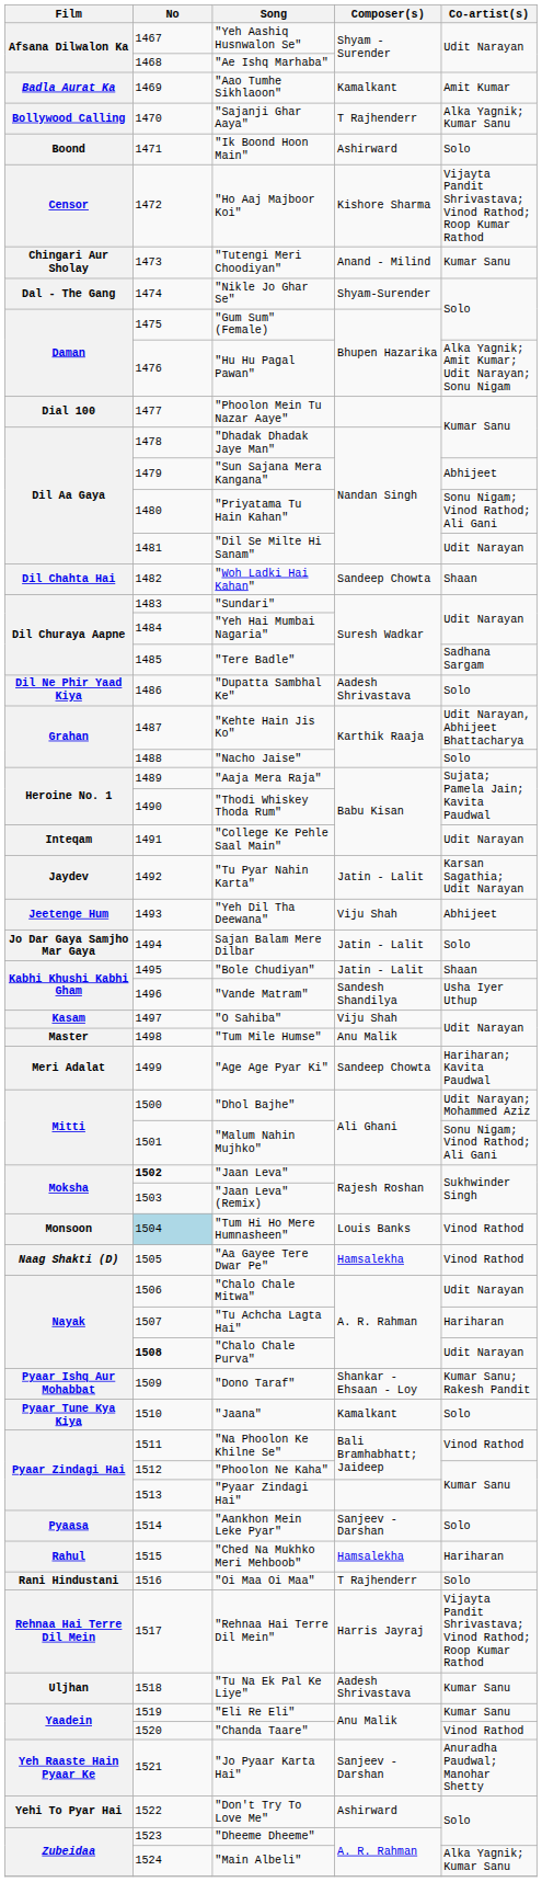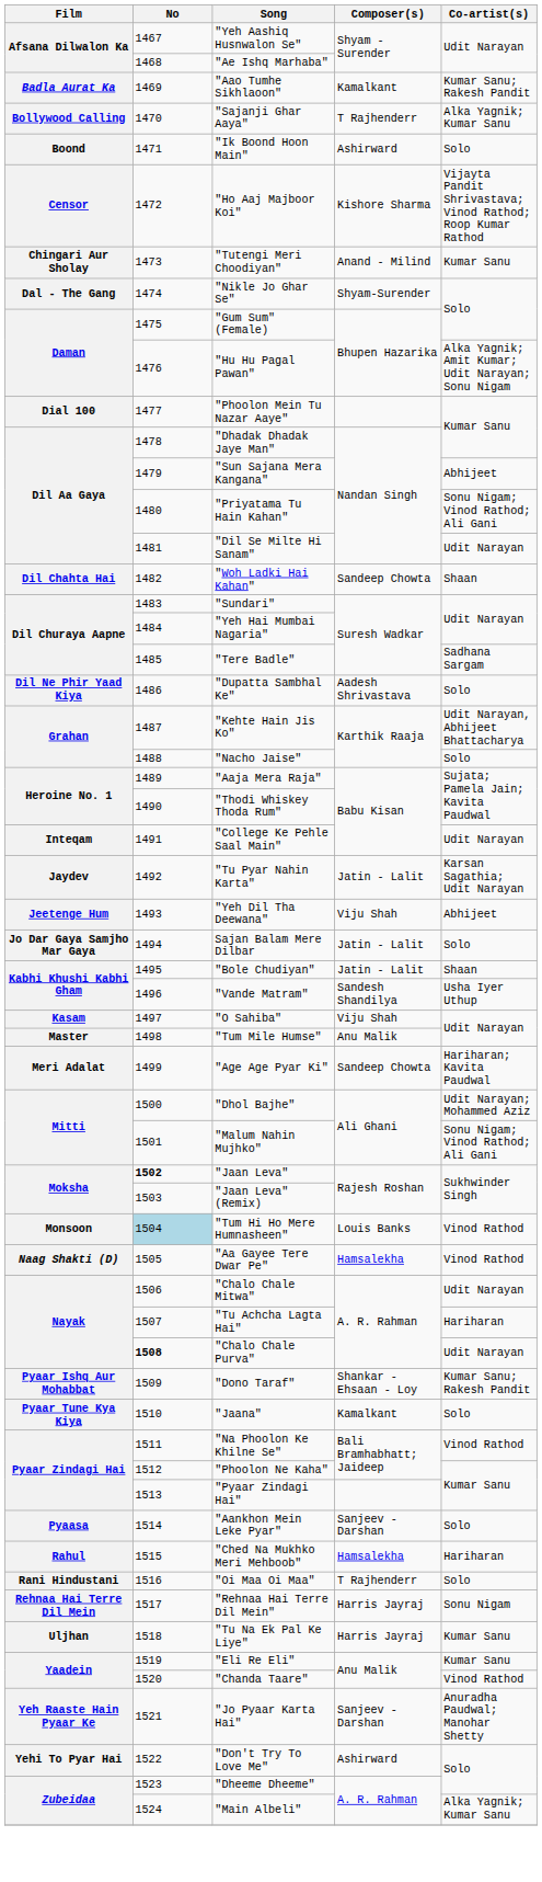 <table class="wikitable plainrowheaders" style="width:100%; textcolor:#000">
 <tr>
 <th scope="col" style="width:24%;">Film</th>
 <th>No</th>
 <th scope="col" style="width:23%;">Song</th>
 <th scope="col" style="width:20%;">Composer(s)</th>
 <th scope="col" style="width:18%;">Co-artist(s)</th>
 </tr>
 <tr>
 <th rowspan="2">Afsana Dilwalon Ka</th>
 <td>1467</td>
 <td>"Yeh Aashiq Husnwalon Se"</td>
 <td rowspan="2">Shyam - Surender</td>
 <td rowspan="2">Udit Narayan</td>
 </tr>
 <tr>
 <td>1468</td>
 <td>"Ae Ishq Marhaba"</td>
 </tr>
 <tr>
 <th><em><a href='#'>Badla Aurat Ka</a></em></th>
 <td>1469</td>
 <td>"Aao Tumhe Sikhlaoon"</td>
 <td>Kamalkant</td>
-<td>Amit Kumar</td>
+<td>Kumar Sanu;  Rakesh Pandit</td>
 </tr>
 <tr>
 <th><a href='#'>Bollywood Calling</a></th>
 <td>1470</td>
 <td>"Sajanji Ghar Aaya"</td>
 <td>T Rajhenderr</td>
 <td>Alka Yagnik; Kumar Sanu</td>
 </tr>
 <tr>
 <th>Boond</th>
 <td>1471</td>
 <td>"Ik Boond Hoon Main"</td>
 <td>Ashirward</td>
 <td>Solo</td>
 </tr>
 <tr>
 <th><a href='#'>Censor</a></th>
 <td>1472</td>
 <td>"Ho Aaj Majboor Koi"</td>
 <td>Kishore Sharma</td>
 <td>Vijayta Pandit Shrivastava; Vinod Rathod; Roop Kumar Rathod</td>
 </tr>
 <tr>
 <th>Chingari Aur Sholay</th>
 <td>1473</td>
 <td>"Tutengi Meri Choodiyan"</td>
 <td>Anand - Milind</td>
 <td>Kumar Sanu</td>
 </tr>
 <tr>
 <th>Dal - The Gang</th>
 <td>1474</td>
 <td>"Nikle Jo Ghar Se"</td>
 <td>Shyam-Surender</td>
 <td rowspan=2>Solo</td>
 </tr>
 <tr>
 <th rowspan=2><a href='#'>Daman</a></th>
 <td>1475</td>
 <td>"Gum Sum" (Female)</td>
 <td rowspan=2>Bhupen Hazarika</td>
 </tr>
 <tr>
 <td>1476</td>
 <td>"Hu Hu Pagal Pawan"</td>
 <td>Alka Yagnik; Amit Kumar; Udit Narayan; Sonu Nigam</td>
 </tr>
 <tr>
 <th>Dial 100</th>
 <td>1477</td>
 <td>"Phoolon Mein Tu Nazar Aaye"</td>
 <td></td>
 <td rowspan=2>Kumar Sanu</td>
 </tr>
 <tr>
 <th rowspan=4>Dil Aa Gaya</th>
 <td>1478</td>
 <td>"Dhadak Dhadak Jaye Man"</td>
 <td rowspan=4>Nandan Singh</td>
 </tr>
 <tr>
 <td>1479</td>
 <td>"Sun Sajana Mera Kangana"</td>
 <td>Abhijeet</td>
 </tr>
 <tr>
 <td>1480</td>
 <td>"Priyatama Tu Hain Kahan"</td>
 <td>Sonu Nigam; Vinod Rathod; Ali Gani</td>
 </tr>
 <tr>
 <td>1481</td>
 <td>"Dil Se Milte Hi Sanam"</td>
 <td>Udit Narayan</td>
 </tr>
 <tr>
 <th><a href='#'>Dil Chahta Hai</a></th>
 <td>1482</td>
 <td>"<a href='#'>Woh Ladki Hai Kahan</a>"</td>
 <td>Sandeep Chowta</td>
 <td>Shaan</td>
 </tr>
 <tr>
 <th rowspan=3>Dil Churaya Aapne</th>
 <td>1483</td>
 <td>"Sundari"</td>
 <td rowspan=3>Suresh Wadkar</td>
 <td rowspan=2>Udit Narayan</td>
 </tr>
 <tr>
 <td>1484</td>
 <td>"Yeh Hai Mumbai Nagaria"</td>
 </tr>
 <tr>
 <td>1485</td>
 <td>"Tere Badle"</td>
 <td>Sadhana Sargam</td>
 </tr>
 <tr>
 <th><a href='#'>Dil Ne Phir Yaad Kiya</a></th>
 <td>1486</td>
 <td>"Dupatta Sambhal Ke"</td>
 <td>Aadesh Shrivastava</td>
 <td>Solo</td>
 </tr>
 <tr>
 <th rowspan=2><a href='#'>Grahan</a></th>
 <td>1487</td>
 <td>"Kehte Hain Jis Ko"</td>
 <td rowspan=2>Karthik Raaja</td>
 <td>Udit Narayan, Abhijeet Bhattacharya</td>
 </tr>
 <tr>
 <td>1488</td>
 <td>"Nacho Jaise"</td>
 <td>Solo</td>
 </tr>
 <tr>
 <th rowspan=2>Heroine No. 1</th>
 <td>1489</td>
 <td>"Aaja Mera Raja"</td>
 <td rowspan=3>Babu Kisan</td>
 <td rowspan=2>Sujata; Pamela Jain; Kavita Paudwal</td>
 </tr>
 <tr>
 <td>1490</td>
 <td>"Thodi Whiskey Thoda Rum"</td>
 </tr>
 <tr>
 <th>Inteqam</th>
 <td>1491</td>
 <td>"College Ke Pehle Saal Main"</td>
 <td>Udit Narayan</td>
 </tr>
 <tr>
 <th>Jaydev</th>
 <td>1492</td>
 <td>"Tu Pyar Nahin Karta"</td>
 <td>Jatin - Lalit</td>
 <td>Karsan Sagathia; Udit Narayan</td>
 </tr>
 <tr>
 <th><a href='#'>Jeetenge Hum</a></th>
 <td>1493</td>
 <td>"Yeh Dil Tha Deewana"</td>
 <td>Viju Shah</td>
 <td>Abhijeet</td>
 </tr>
 <tr>
 <th>Jo Dar Gaya Samjho Mar Gaya</th>
 <td>1494</td>
 <td>Sajan Balam Mere Dilbar</td>
 <td>Jatin - Lalit</td>
 <td>Solo</td>
 </tr>
 <tr>
 <th rowspan=2><a href='#'>Kabhi Khushi Kabhi Gham</a></th>
 <td>1495</td>
 <td>"Bole Chudiyan"</td>
 <td>Jatin - Lalit</td>
 <td>Shaan</td>
 </tr>
 <tr>
 <td>1496</td>
 <td>"Vande Matram"</td>
 <td>Sandesh Shandilya</td>
 <td>Usha Iyer Uthup</td>
 </tr>
 <tr>
 <th><a href='#'>Kasam</a></th>
 <td>1497</td>
 <td>"O Sahiba"</td>
 <td>Viju Shah</td>
 <td rowspan=2>Udit Narayan</td>
 </tr>
 <tr>
 <th>Master</th>
 <td>1498</td>
 <td>"Tum Mile Humse"</td>
 <td>Anu Malik</td>
 </tr>
 <tr>
 <th>Meri Adalat</th>
 <td>1499</td>
 <td>"Age Age Pyar Ki"</td>
 <td>Sandeep Chowta</td>
 <td>Hariharan; Kavita Paudwal</td>
 </tr>
 <tr>
 <th rowspan=2><a href='#'>Mitti</a></th>
 <td>1500</td>
 <td>"Dhol Bajhe"</td>
 <td rowspan=2>Ali Ghani</td>
 <td>Udit Narayan; Mohammed Aziz</td>
 </tr>
 <tr>
 <td>1501</td>
 <td>"Malum Nahin Mujhko"</td>
 <td>Sonu Nigam; Vinod Rathod; Ali Gani</td>
 </tr>
 <tr>
 <th rowspan=2><a href='#'>Moksha</a></th>
 <td><strong>1502</strong></td>
 <td>"Jaan Leva"</td>
 <td rowspan=2>Rajesh Roshan</td>
 <td rowspan=2>Sukhwinder Singh</td>
 </tr>
 <tr>
 <td>1503</td>
 <td>"Jaan Leva" (Remix)</td>
 </tr>
 <tr>
 <th>Monsoon</th>
 <td style="background: lightblue;">1504</td>
 <td>"Tum Hi Ho Mere Humnasheen"</td>
 <td>Louis Banks</td>
 <td>Vinod Rathod</td>
 </tr>
 <tr>
 <th><em>Naag Shakti (D)</em></th>
 <td>1505</td>
 <td>"Aa Gayee Tere Dwar Pe"</td>
 <td><a href='#'>Hamsalekha</a></td>
 <td>Vinod Rathod</td>
 </tr>
 <tr>
 <th rowspan=3><a href='#'>Nayak</a></th>
 <td>1506</td>
 <td>"Chalo Chale Mitwa"</td>
 <td rowspan=3>A. R. Rahman</td>
 <td>Udit Narayan</td>
 </tr>
 <tr>
 <td>1507</td>
 <td>"Tu Achcha Lagta Hai"</td>
 <td>Hariharan</td>
 </tr>
 <tr>
 <td><strong>1508</strong></td>
 <td>"Chalo Chale Purva"</td>
 <td>Udit Narayan</td>
 </tr>
 <tr>
 <th><a href='#'>Pyaar Ishq Aur Mohabbat</a></th>
 <td>1509</td>
 <td>"Dono Taraf"</td>
 <td>Shankar - Ehsaan - Loy</td>
 <td>Kumar Sanu;  Rakesh Pandit</td>
 </tr>
 <tr>
 <th><a href='#'>Pyaar Tune Kya Kiya</a></th>
 <td>1510</td>
 <td>"Jaana"</td>
 <td>Kamalkant</td>
 <td>Solo</td>
 </tr>
 <tr>
 <th rowspan=3><a href='#'>Pyaar Zindagi Hai</a></th>
 <td>1511</td>
 <td>"Na Phoolon Ke Khilne Se"</td>
 <td rowspan=2>Bali Bramhabhatt; Jaideep</td>
 <td>Vinod Rathod</td>
 </tr>
 <tr>
 <td>1512</td>
 <td>"Phoolon Ne Kaha"</td>
 <td rowspan=2>Kumar Sanu</td>
 </tr>
 <tr>
 <td>1513</td>
 <td>"Pyaar Zindagi Hai"</td>
 </tr>
 <tr>
 <th><a href='#'>Pyaasa</a></th>
 <td>1514</td>
 <td>"Aankhon Mein Leke Pyar"</td>
 <td>Sanjeev - Darshan</td>
 <td>Solo</td>
 </tr>
 <tr>
 <th><a href='#'>Rahul</a></th>
 <td>1515</td>
 <td>"Ched Na Mukhko Meri Mehboob"</td>
 <td><a href='#'>Hamsalekha</a></td>
 <td>Hariharan</td>
 </tr>
 <tr>
 <th>Rani Hindustani</th>
 <td>1516</td>
 <td>"Oi Maa Oi Maa"</td>
 <td>T Rajhenderr</td>
 <td>Solo</td>
 </tr>
 <tr>
 <th><a href='#'>Rehnaa Hai Terre Dil Mein</a></th>
 <td>1517</td>
 <td>"Rehnaa Hai Terre Dil Mein"</td>
 <td>Harris Jayraj</td>
-<td>Vijayta Pandit Shrivastava; Vinod Rathod; Roop Kumar Rathod</td>
+<td>Sonu Nigam</td>
 </tr>
 <tr>
 <th>Uljhan</th>
 <td>1518</td>
 <td>"Tu Na Ek Pal Ke Liye"</td>
-<td>Aadesh Shrivastava</td>
+<td>Harris Jayraj</td>
 <td>Kumar Sanu</td>
 </tr>
 <tr>
 <th rowspan=2><a href='#'>Yaadein</a></th>
 <td>1519</td>
 <td>"Eli Re Eli"</td>
 <td rowspan=2>Anu Malik</td>
 <td>Kumar Sanu</td>
 </tr>
 <tr>
 <td>1520</td>
 <td>"Chanda Taare"</td>
 <td>Vinod Rathod</td>
 </tr>
 <tr>
 <th><a href='#'>Yeh Raaste Hain Pyaar Ke</a></th>
 <td>1521</td>
 <td>"Jo Pyaar Karta Hai"</td>
 <td>Sanjeev - Darshan</td>
 <td>Anuradha Paudwal;  Manohar Shetty</td>
 </tr>
 <tr>
 <th>Yehi To Pyar Hai</th>
 <td>1522</td>
 <td>"Don't Try To Love Me"</td>
 <td>Ashirward</td>
 <td rowspan=2>Solo</td>
 </tr>
 <tr>
 <th rowspan="2"><em><a href='#'>Zubeidaa</a></em></th>
 <td>1523</td>
 <td>"Dheeme Dheeme"</td>
 <td rowspan="2"><a href='#'>A. R. Rahman</a></td>
 </tr>
 <tr>
 <td>1524</td>
 <td>"Main Albeli"</td>
 <td>Alka Yagnik; Kumar Sanu</td>
 </tr>
 <tr>
 </tr>
 </table>
